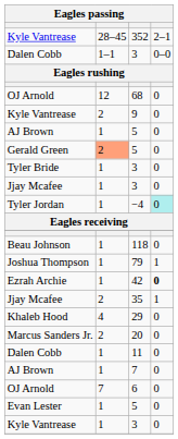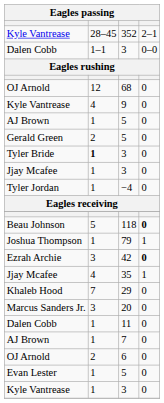 <table class="wikitable plainrowheaders">
 <tr>
 <th colspan="6">Eagles passing</th>
 </tr>
 <tr>
 <th scope="col"></th>
 <th scope="col"></th>
 <th scope="col"></th>
 <th scope="col"></th>
 </tr>
 <tr>
 <td><a href='#'>Kyle Vantrease</a></td>
 <td>28–45</td>
 <td>352</td>
 <td>2–1</td>
 </tr>
 <tr>
 <td>Dalen Cobb</td>
 <td>1–1</td>
 <td>3</td>
 <td>0–0</td>
 </tr>
 <tr>
 <th colspan="6">Eagles rushing</th>
 </tr>
 <tr>
 <th scope="col"></th>
 <th scope="col"></th>
 <th scope="col"></th>
 <th scope="col"></th>
 </tr>
 <tr>
 <td>OJ Arnold</td>
 <td>12</td>
 <td>68</td>
 <td>0</td>
 </tr>
 <tr>
 <td>Kyle Vantrease</td>
-<td>2</td>
+<td>4</td>
 <td>9</td>
 <td>0</td>
 </tr>
 <tr>
 <td>AJ Brown</td>
 <td>1</td>
 <td>5</td>
 <td>0</td>
 </tr>
 <tr>
 <td>Gerald Green</td>
-<td style="background: lightsalmon;">2</td>
+<td>2</td>
 <td>5</td>
 <td>0</td>
 </tr>
 <tr>
 <td>Tyler Bride</td>
-<td>1</td>
+<td><strong>1</strong></td>
 <td>3</td>
 <td>0</td>
 </tr>
 <tr>
 <td>Jjay Mcafee</td>
 <td>1</td>
 <td>3</td>
 <td>0</td>
 </tr>
 <tr>
 <td>Tyler Jordan</td>
 <td>1</td>
 <td>−4</td>
-<td style="background: paleturquoise;">0</td>
+<td>0</td>
 </tr>
 <tr>
 <th colspan="6">Eagles receiving</th>
 </tr>
 <tr>
 </tr>
 <tr>
 <th scope="col"></th>
 <th scope="col"></th>
 <th scope="col"></th>
 <th scope="col"></th>
 </tr>
 <tr>
 <td>Beau Johnson</td>
-<td>1</td>
+<td>5</td>
 <td>118</td>
-<td>0</td>
+<td><strong>0</strong></td>
 </tr>
 <tr>
 <td>Joshua Thompson</td>
 <td>1</td>
 <td>79</td>
 <td>1</td>
 </tr>
 <tr>
 <td>Ezrah Archie</td>
-<td>1</td>
+<td>3</td>
 <td>42</td>
 <td><strong>0</strong></td>
 </tr>
 <tr>
 <td>Jjay Mcafee</td>
-<td>2</td>
+<td>4</td>
 <td>35</td>
 <td>1</td>
 </tr>
 <tr>
 <td>Khaleb Hood</td>
-<td>4</td>
+<td>7</td>
 <td>29</td>
 <td>0</td>
 </tr>
 <tr>
 <td>Marcus Sanders Jr.</td>
-<td>2</td>
+<td>3</td>
 <td>20</td>
 <td>0</td>
 </tr>
 <tr>
 <td>Dalen Cobb</td>
 <td>1</td>
 <td>11</td>
 <td>0</td>
 </tr>
 <tr>
 <td>AJ Brown</td>
 <td>1</td>
 <td>7</td>
 <td>0</td>
 </tr>
 <tr>
 <td>OJ Arnold</td>
-<td>7</td>
+<td>2</td>
 <td>6</td>
 <td>0</td>
 </tr>
 <tr>
 <td>Evan Lester</td>
 <td>1</td>
 <td>5</td>
 <td>0</td>
 </tr>
 <tr>
 <td>Kyle Vantrease</td>
 <td>1</td>
 <td>3</td>
 <td>0</td>
 </tr>
 <tr>
 </tr>
 </table>
